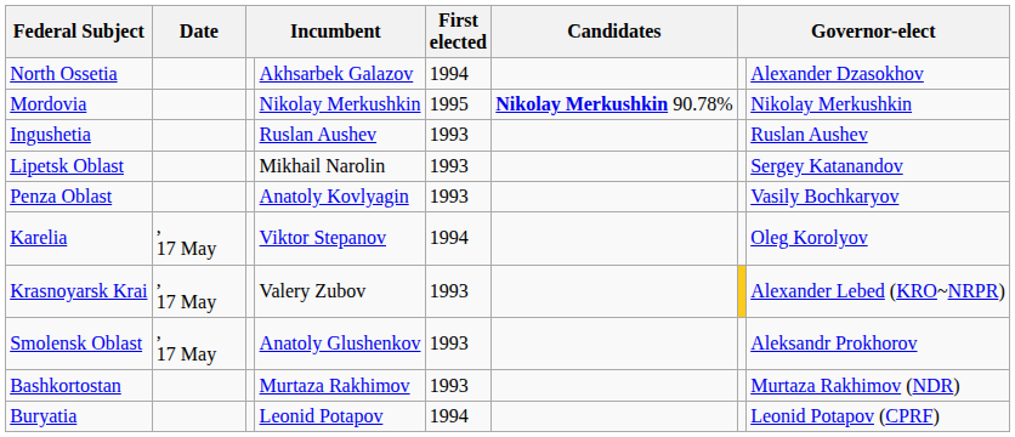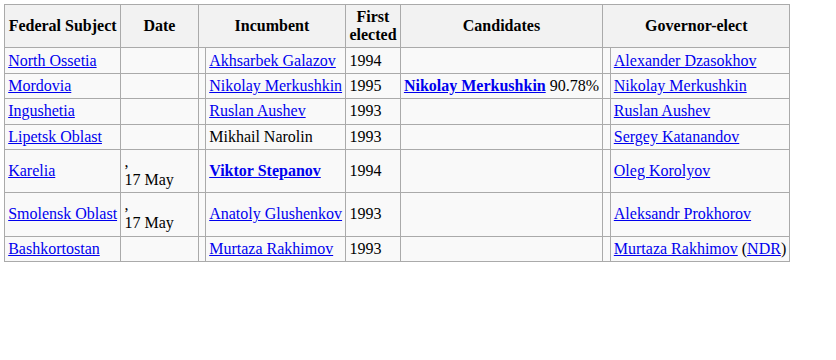 <table class="wikitable sortable">
 <tr>
 <th>Federal Subject</th>
 <th style="width: 70px">Date</th>
 <th colspan = 2>Incumbent</th>
 <th>First<br>elected</th>
 <th>Candidates</th>
 <th colspan = 2>Governor-elect</th>
 </tr>
 <tr>
 <td><a href='#'>North Ossetia</a></td>
 <td></td>
 <td style="background:"></td>
 <td><a href='#'>Akhsarbek Galazov</a></td>
 <td>1994</td>
 <td></td>
 <td style="background:"></td>
 <td><a href='#'>Alexander Dzasokhov</a></td>
 </tr>
 <tr>
 <td><a href='#'>Mordovia</a></td>
 <td></td>
 <td style="background:"></td>
 <td><a href='#'>Nikolay Merkushkin</a></td>
 <td>1995</td>
 <td> <strong><a href='#'>Nikolay Merkushkin</a></strong> 90.78%</td>
 <td style="background:"></td>
 <td><a href='#'>Nikolay Merkushkin</a></td>
 </tr>
 <tr>
 <td><a href='#'>Ingushetia</a></td>
 <td></td>
 <td style="background:"></td>
 <td><a href='#'>Ruslan Aushev</a></td>
 <td>1993</td>
 <td></td>
 <td style="background:"></td>
 <td><a href='#'>Ruslan Aushev</a></td>
 </tr>
 <tr>
 <td><a href='#'>Lipetsk Oblast</a></td>
 <td></td>
 <td style="background:"></td>
 <td>Mikhail Narolin</td>
 <td>1993</td>
 <td></td>
 <td style="background:"></td>
 <td><a href='#'>Sergey Katanandov</a></td>
 </tr>
 <tr>
-<td><a href='#'>Penza Oblast</a></td>
-<td></td>
-<td style="background:"></td>
-<td><a href='#'>Anatoly Kovlyagin</a></td>
-<td>1993</td>
-<td></td>
-<td style="background:"></td>
-<td><a href='#'>Vasily Bochkaryov</a></td>
-</tr>
-<tr>
 <td><a href='#'>Karelia</a></td>
 <td>,<br>17 May</td>
 <td style="background:"></td>
-<td><a href='#'>Viktor Stepanov</a></td>
+<td><strong><a href='#'>Viktor Stepanov</a></strong></td>
 <td>1994</td>
 <td></td>
 <td style="background:"></td>
 <td><a href='#'>Oleg Korolyov</a></td>
-</tr>
-<tr>
-<td><a href='#'>Krasnoyarsk Krai</a></td>
-<td>,<br>17 May</td>
-<td style="background:"></td>
-<td>Valery Zubov</td>
-<td>1993</td>
-<td></td>
-<td style="background:#FCCA19"></td>
-<td><a href='#'>Alexander Lebed</a> (<a href='#'>KRO</a>~<a href='#'>NRPR</a>)</td>
 </tr>
 <tr>
 <td><a href='#'>Smolensk Oblast</a></td>
 <td>,<br>17 May</td>
 <td style="background:"></td>
 <td><a href='#'>Anatoly Glushenkov</a></td>
 <td>1993</td>
 <td></td>
 <td style="background:"></td>
 <td><a href='#'>Aleksandr Prokhorov</a></td>
 </tr>
 <tr>
 <td><a href='#'>Bashkortostan</a></td>
 <td></td>
 <td style="background:"></td>
 <td><a href='#'>Murtaza Rakhimov</a></td>
 <td>1993</td>
 <td></td>
 <td style="background:"></td>
 <td><a href='#'>Murtaza Rakhimov</a> (<a href='#'>NDR</a>)</td>
 </tr>
-<tr>
-<td><a href='#'>Buryatia</a></td>
-<td></td>
-<td style="background:"></td>
-<td><a href='#'>Leonid Potapov</a></td>
-<td>1994</td>
-<td></td>
-<td style="background:"></td>
-<td><a href='#'>Leonid Potapov</a> (<a href='#'>CPRF</a>)</td>
-</tr>
 </table>
